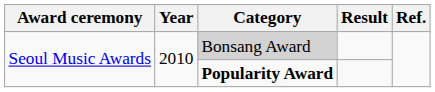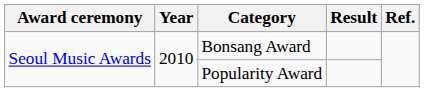 <table class="wikitable">
 <tr>
 <th>Award ceremony</th>
 <th>Year</th>
 <th>Category</th>
 <th>Result</th>
 <th>Ref.</th>
 </tr>
 <tr>
 <td rowspan="2"><a href='#'>Seoul Music Awards</a></td>
 <td rowspan="2">2010</td>
-<td style="background: lightgrey;">Bonsang Award</td>
+<td>Bonsang Award</td>
 <td></td>
 <td rowspan="2"></td>
 </tr>
 <tr>
-<td><strong>Popularity Award</strong></td>
+<td>Popularity Award</td>
 <td></td>
 </tr>
 </table>
